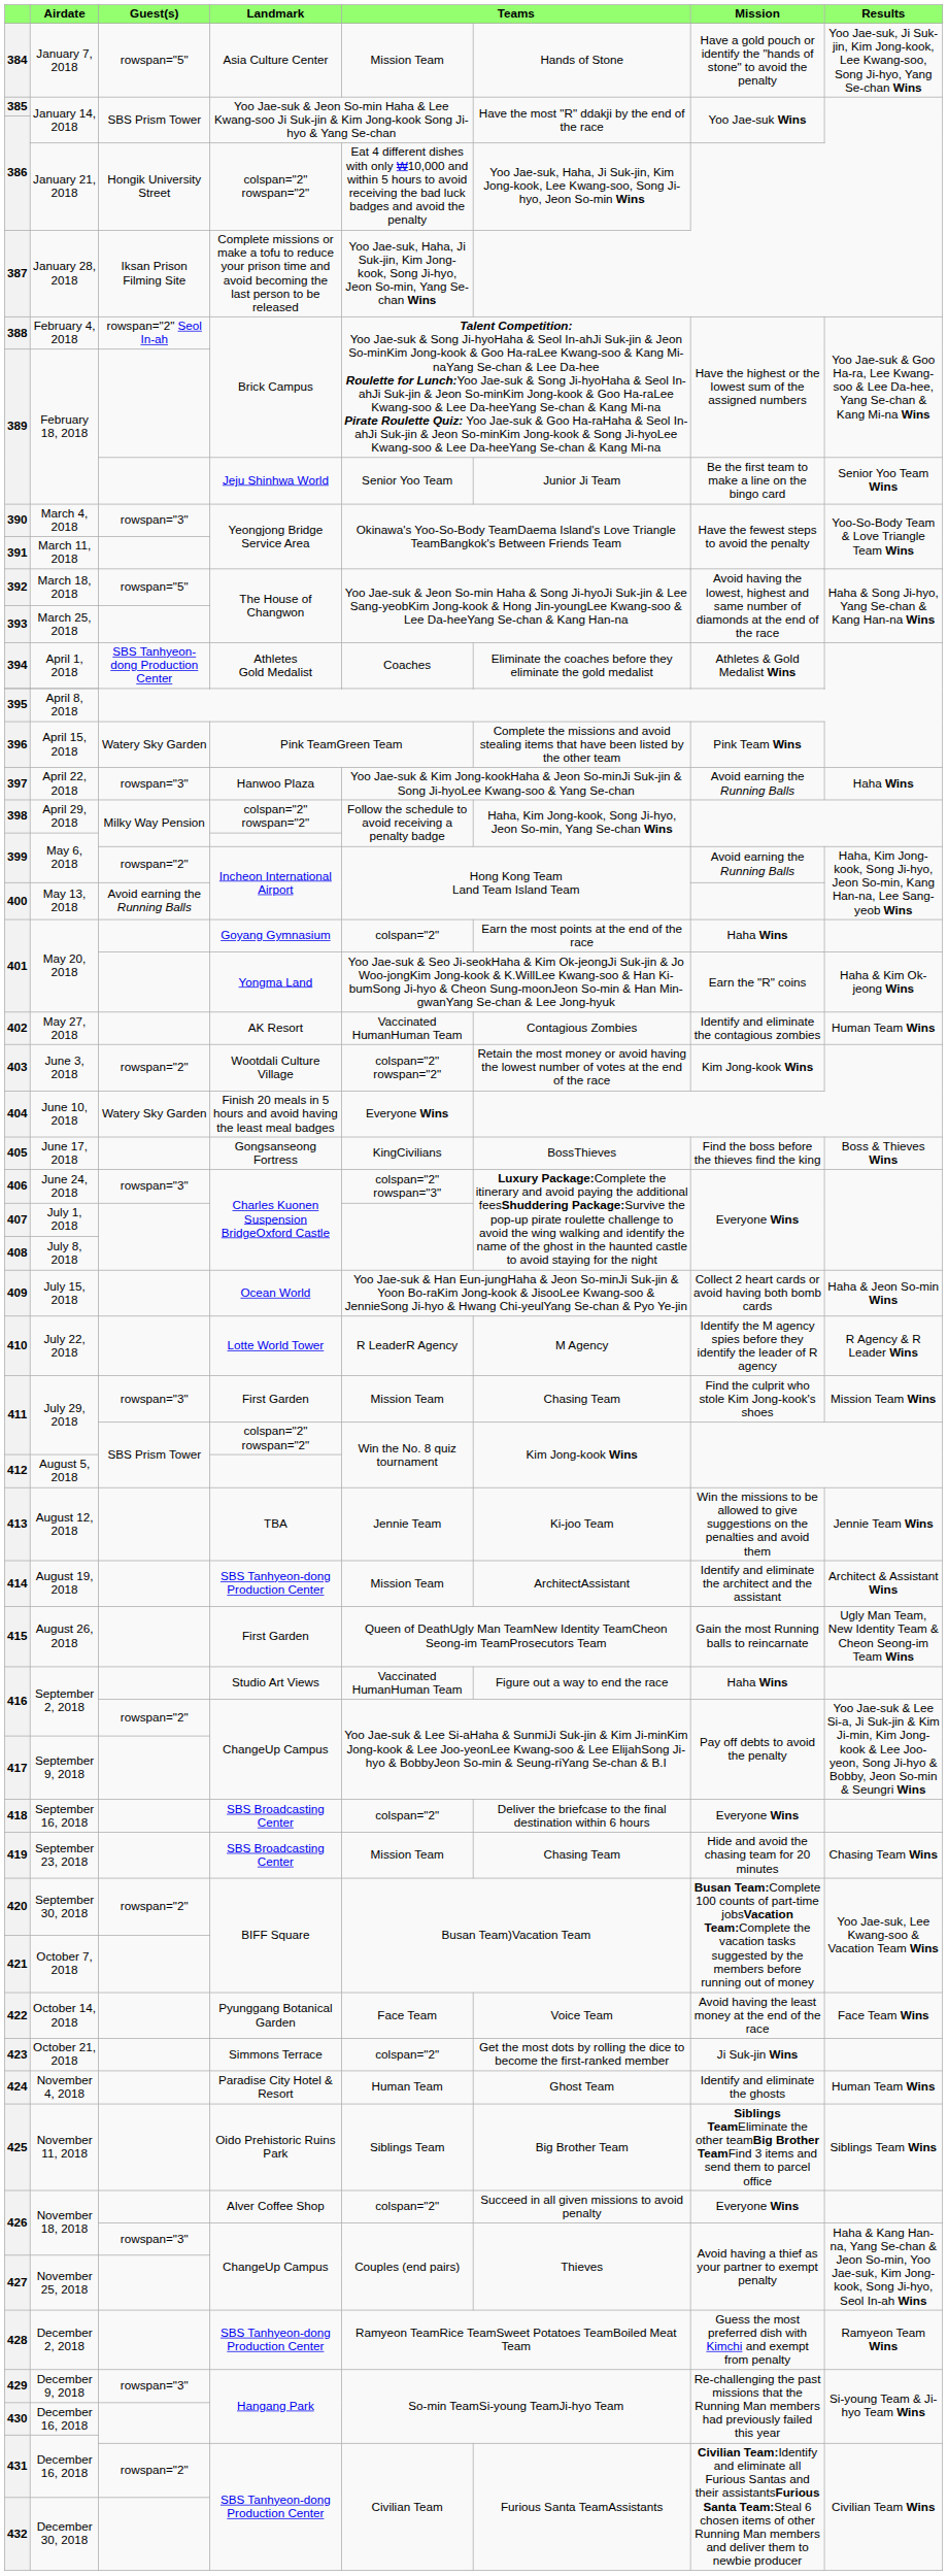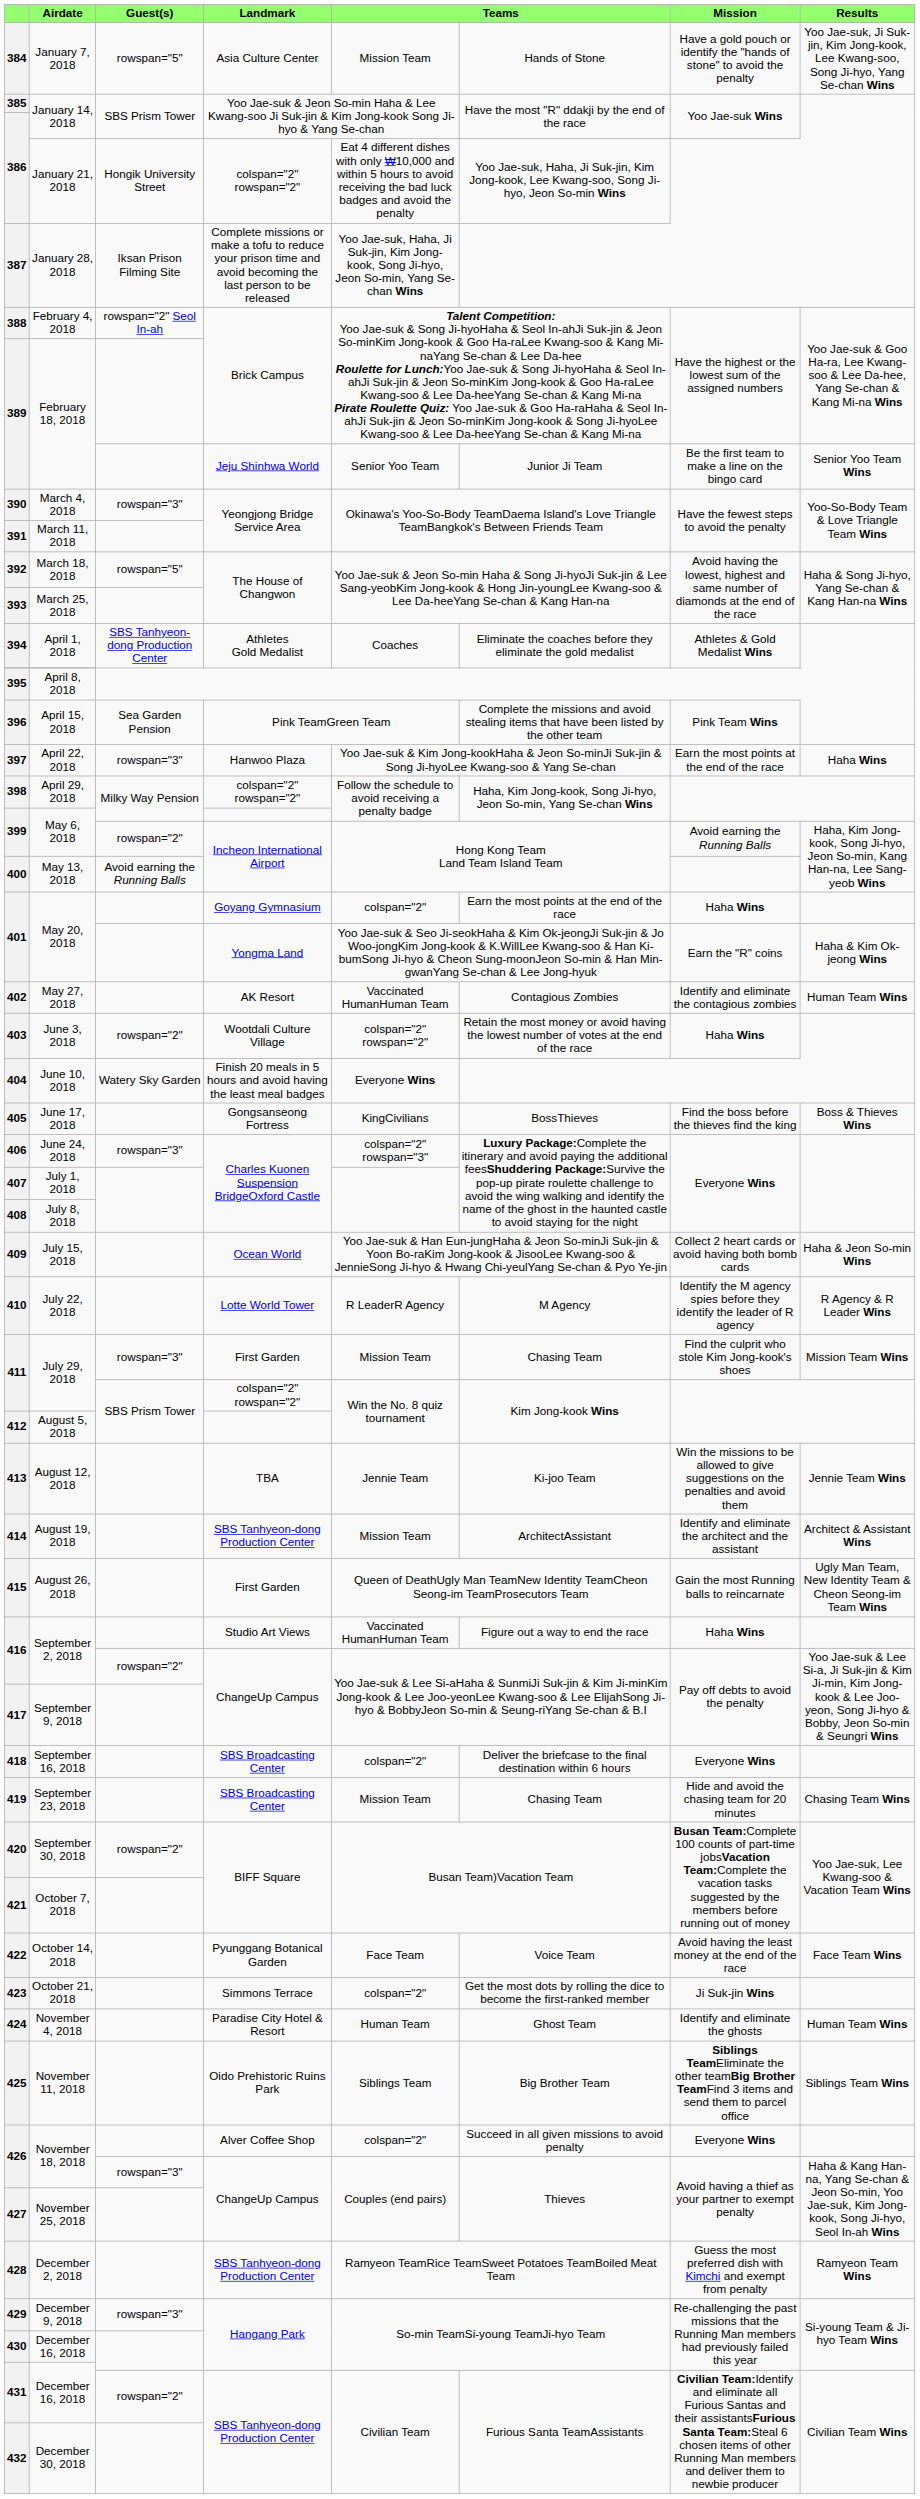 <table class="wikitable sortable" style="text-align:center">
 <tr>
 <th style="background-color:#94FF6F"></th>
 <th style="background-color:#94FF6F">Airdate<br></th>
 <th style="background-color:#94FF6F; width:140px" class="unsortable">Guest(s)</th>
 <th style="background-color:#94FF6F">Landmark</th>
 <th style="background-color:#94FF6F" colspan="2" class="unsortable">Teams</th>
 <th style="background-color:#94FF6F; width:170px" class="unsortable">Mission</th>
 <th style="background-color:#94FF6F; width:150px" class="unsortable">Results</th>
 </tr>
 <tr>
 <th>384</th>
 <td>January 7, 2018</td>
 <td>rowspan="5" </td>
 <td>Asia Culture Center</td>
 <td>Mission Team  </td>
 <td>Hands of Stone  </td>
 <td>Have a gold pouch or identify the "hands of stone" to avoid the penalty</td>
 <td>Yoo Jae-suk, Ji Suk-jin, Kim Jong-kook, Lee Kwang-soo, Song Ji-hyo, Yang Se-chan <strong>Wins</strong></td>
 </tr>
 <tr>
 <th>385</th>
 <td rowspan="2">January 14, 2018</td>
 <td rowspan="2">SBS Prism Tower</td>
 <td colspan="2" rowspan="2">Yoo Jae-suk & Jeon So-min  Haha & Lee Kwang-soo  Ji Suk-jin & Kim Jong-kook  Song Ji-hyo & Yang Se-chan</td>
 <td rowspan="2">Have the most "R" ddakji by the end of the race</td>
 <td rowspan="2">Yoo Jae-suk <strong>Wins</strong></td>
 </tr>
 <tr>
 <th rowspan="2">386</th>
 </tr>
 <tr>
 <td>January 21, 2018</td>
 <td>Hongik University Street</td>
 <td>colspan="2" rowspan="2" </td>
 <td>Eat 4 different dishes with only <a href='#'>₩</a>10,000 and within 5 hours to avoid receiving the bad luck badges and avoid the penalty</td>
 <td>Yoo Jae-suk, Haha, Ji Suk-jin, Kim Jong-kook, Lee Kwang-soo, Song Ji-hyo, Jeon So-min <strong>Wins</strong></td>
 </tr>
 <tr>
 <th>387</th>
 <td>January 28, 2018</td>
 <td>Iksan Prison Filming Site</td>
 <td>Complete missions or make a tofu to reduce your prison time and avoid becoming the last person to be released</td>
 <td>Yoo Jae-suk, Haha, Ji Suk-jin, Kim Jong-kook, Song Ji-hyo, Jeon So-min, Yang Se-chan <strong>Wins</strong></td>
 </tr>
 <tr>
 <th rowspan="1">388</th>
 <td rowspan="1">February 4, 2018</td>
 <td>rowspan="2" <a href='#'>Seol In-ah</a></td>
 <td rowspan="2">Brick Campus</td>
 <td colspan="2" rowspan="2"><strong><em>Talent Competition:</em></strong><br>Yoo Jae-suk & Song Ji-hyoHaha & Seol In-ahJi Suk-jin & Jeon So-minKim Jong-kook & Goo Ha-raLee Kwang-soo & Kang Mi-naYang Se-chan & Lee Da-hee<br><strong><em>Roulette for Lunch:</em></strong>Yoo Jae-suk & Song Ji-hyoHaha & Seol In-ahJi Suk-jin & Jeon So-minKim Jong-kook & Goo Ha-raLee Kwang-soo & Lee Da-heeYang Se-chan & Kang Mi-na<br><strong><em>Pirate Roulette Quiz:</em></strong> Yoo Jae-suk & Goo Ha-raHaha & Seol In-ahJi Suk-jin & Jeon So-minKim Jong-kook & Song Ji-hyoLee Kwang-soo & Lee Da-heeYang Se-chan & Kang Mi-na </td>
 <td rowspan="2">Have the highest or the lowest sum of the assigned numbers</td>
 <td rowspan="2">Yoo Jae-suk & Goo Ha-ra, Lee Kwang-soo & Lee Da-hee, Yang Se-chan & Kang Mi-na <strong>Wins</strong></td>
 </tr>
 <tr>
 <th rowspan="2">389</th>
 <td rowspan="2">February 18, 2018</td>
 </tr>
 <tr>
 <td></td>
 <td><a href='#'>Jeju Shinhwa World</a></td>
 <td>Senior Yoo Team</td>
 <td>Junior Ji Team</td>
 <td>Be the first team to make a line on the bingo card</td>
 <td>Senior Yoo Team <strong>Wins</strong></td>
 </tr>
 <tr>
 <th rowspan="1">390</th>
 <td rowspan="1">March 4, 2018</td>
 <td>rowspan="3" </td>
 <td rowspan="3">Yeongjong Bridge Service Area</td>
 <td colspan="2" rowspan="3">Okinawa's Yoo-So-Body TeamDaema Island's Love Triangle TeamBangkok's Between Friends Team</td>
 <td rowspan="3">Have the fewest steps to avoid the penalty</td>
 <td rowspan="3">Yoo-So-Body Team & Love Triangle Team <strong>Wins</strong></td>
 </tr>
 <tr>
 <th rowspan="1">391</th>
 <td rowspan="1">March 11, 2018</td>
 </tr>
 <tr>
 <th rowspan="2">392</th>
 <td rowspan="2">March 18, 2018</td>
 </tr>
 <tr>
 <td>rowspan="5" </td>
 <td rowspan="2">The House of Changwon</td>
 <td colspan="2" rowspan="2">Yoo Jae-suk & Jeon So-min Haha & Song Ji-hyoJi Suk-jin & Lee Sang-yeobKim Jong-kook & Hong Jin-youngLee Kwang-soo & Lee Da-heeYang Se-chan & Kang Han-na</td>
 <td rowspan="2">Avoid having the lowest, highest and same number of diamonds at the end of the race</td>
 <td rowspan="2">Haha & Song Ji-hyo, Yang Se-chan & Kang Han-na <strong>Wins</strong></td>
 </tr>
 <tr>
 <th rowspan="1">393</th>
 <td>March 25, 2018</td>
 </tr>
 <tr>
 <th>394</th>
 <td>April 1, 2018</td>
 <td rowspan="2"><a href='#'>SBS Tanhyeon-dong Production Center</a></td>
 <td rowspan="2">Athletes<br>Gold Medalist</td>
 <td rowspan="2">Coaches</td>
 <td rowspan="2">Eliminate the coaches before they eliminate the gold medalist</td>
 <td rowspan="2">Athletes & Gold Medalist <strong>Wins</strong></td>
 </tr>
 <tr>
 </tr>
 <tr>
 <th>395</th>
 <td>April 8, 2018</td>
 </tr>
 <tr>
 <th>396</th>
 <td>April 15, 2018</td>
-<td>Watery Sky Garden</td>
+<td>Sea Garden Pension</td>
 <td colspan="2">Pink TeamGreen Team</td>
 <td>Complete the missions and avoid stealing items that have been listed by the other team</td>
 <td>Pink Team <strong>Wins</strong></td>
 </tr>
 <tr>
 <th>397</th>
 <td>April 22, 2018</td>
 <td>rowspan="3" </td>
 <td>Hanwoo Plaza</td>
 <td colspan="2">Yoo Jae-suk & Kim Jong-kookHaha & Jeon So-minJi Suk-jin & Song Ji-hyoLee Kwang-soo & Yang Se-chan</td>
-<td>Avoid earning the <em>Running Balls</em></td>
+<td>Earn the most points at the end of the race</td>
 <td>Haha <strong>Wins</strong></td>
 </tr>
 <tr>
 <th>398</th>
 <td>April 29, 2018</td>
 <td rowspan="2">Milky Way Pension</td>
 <td>colspan="2" rowspan="2" </td>
 <td rowspan="2">Follow the schedule to avoid receiving a penalty badge</td>
 <td rowspan="2">Haha, Kim Jong-kook, Song Ji-hyo, Jeon So-min, Yang Se-chan <strong>Wins</strong></td>
 </tr>
 <tr>
 <th rowspan="2">399</th>
 <td rowspan="2">May 6, 2018</td>
 </tr>
 <tr>
 <td>rowspan="2" </td>
 <td rowspan="2"><a href='#'>Incheon International Airport</a></td>
 <td colspan="2" rowspan="2">Hong Kong Team<br>Land Team Island Team</td>
 <td>Avoid earning the <em>Running Balls</em></td>
 <td rowspan="2">Haha, Kim Jong-kook, Song Ji-hyo, Jeon So-min, Kang Han-na, Lee Sang-yeob <strong>Wins</strong></td>
 </tr>
 <tr>
 <th>400</th>
 <td>May 13, 2018</td>
 <td>Avoid earning the <em>Running Balls</em></td>
 </tr>
 <tr>
 <th rowspan="2">401</th>
 <td rowspan="2">May 20, 2018</td>
 <td></td>
 <td><a href='#'>Goyang Gymnasium</a></td>
 <td>colspan="2" </td>
 <td>Earn the most points at the end of the race</td>
 <td>Haha <strong>Wins</strong></td>
 </tr>
 <tr>
 <td></td>
 <td><a href='#'>Yongma Land</a></td>
 <td colspan="2">Yoo Jae-suk & Seo Ji-seokHaha & Kim Ok-jeongJi Suk-jin & Jo Woo-jongKim Jong-kook & K.WillLee Kwang-soo & Han Ki-bumSong Ji-hyo & Cheon Sung-moonJeon So-min & Han Min-gwanYang Se-chan & Lee Jong-hyuk</td>
 <td>Earn the "R" coins</td>
 <td>Haha & Kim Ok-jeong <strong>Wins</strong></td>
 </tr>
 <tr>
 <th>402</th>
 <td>May 27, 2018</td>
 <td></td>
 <td>AK Resort</td>
 <td>Vaccinated HumanHuman Team</td>
 <td>Contagious Zombies</td>
 <td>Identify and eliminate the contagious zombies</td>
 <td>Human Team <strong>Wins</strong></td>
 </tr>
 <tr>
 <th>403</th>
 <td>June 3, 2018</td>
 <td>rowspan="2" </td>
 <td>Wootdali Culture Village</td>
 <td>colspan="2" rowspan="2" </td>
 <td>Retain the most money or avoid having the lowest number of votes at the end of the race</td>
-<td>Kim Jong-kook <strong>Wins</strong></td>
+<td>Haha <strong>Wins</strong></td>
 </tr>
 <tr>
 <th>404</th>
 <td>June 10, 2018</td>
 <td>Watery Sky Garden</td>
 <td>Finish 20 meals in 5 hours and avoid having the least meal badges</td>
 <td>Everyone <strong>Wins</strong></td>
 </tr>
 <tr>
 <th>405</th>
 <td>June 17, 2018</td>
 <td></td>
 <td>Gongsanseong Fortress</td>
 <td>KingCivilians</td>
 <td>BossThieves</td>
 <td>Find the boss before the thieves find the king</td>
 <td>Boss & Thieves <strong>Wins</strong></td>
 </tr>
 <tr>
 <th>406</th>
 <td>June 24, 2018</td>
 <td>rowspan="3" </td>
 <td rowspan="3"><a href='#'>Charles Kuonen Suspension Bridge</a><a href='#'>Oxford Castle</a></td>
 <td>colspan="2" rowspan="3" </td>
 <td rowspan="3"><strong>Luxury Package:</strong>Complete the itinerary and avoid paying the additional fees<strong>Shuddering Package:</strong>Survive the pop-up pirate roulette challenge to avoid the wing walking and identify the name of the ghost in the haunted castle to avoid staying for the night</td>
 <td rowspan="3">Everyone <strong>Wins</strong></td>
 </tr>
 <tr>
 <th>407</th>
 <td>July 1, 2018</td>
 </tr>
 <tr>
 <th>408</th>
 <td>July 8, 2018</td>
 </tr>
 <tr>
 <th>409</th>
 <td>July 15, 2018</td>
 <td></td>
 <td><a href='#'>Ocean World</a></td>
 <td colspan="2">Yoo Jae-suk & Han Eun-jungHaha & Jeon So-minJi Suk-jin & Yoon Bo-raKim Jong-kook & JisooLee Kwang-soo & JennieSong Ji-hyo & Hwang Chi-yeulYang Se-chan & Pyo Ye-jin</td>
 <td>Collect 2 heart cards or avoid having both bomb cards</td>
 <td>Haha & Jeon So-min <strong>Wins</strong></td>
 </tr>
 <tr>
 <th>410</th>
 <td>July 22, 2018</td>
 <td></td>
 <td><a href='#'>Lotte World Tower</a></td>
 <td>R LeaderR Agency</td>
 <td>M Agency</td>
 <td>Identify the M agency spies before they identify the leader of R agency</td>
 <td>R Agency & R Leader <strong>Wins</strong></td>
 </tr>
 <tr>
 <th rowspan="2">411</th>
 <td rowspan="2">July 29, 2018</td>
 <td>rowspan="3" </td>
 <td>First Garden</td>
 <td>Mission Team</td>
 <td>Chasing Team</td>
 <td>Find the culprit who stole Kim Jong-kook's shoes</td>
 <td>Mission Team <strong>Wins</strong></td>
 </tr>
 <tr>
 <td rowspan="2">SBS Prism Tower</td>
 <td>colspan="2" rowspan="2" </td>
 <td rowspan="2">Win the No. 8 quiz tournament</td>
 <td rowspan="2">Kim Jong-kook <strong>Wins</strong></td>
 </tr>
 <tr>
 <th>412</th>
 <td>August 5, 2018</td>
 </tr>
 <tr>
 <th>413</th>
 <td>August 12, 2018</td>
 <td></td>
 <td>TBA</td>
 <td>Jennie Team</td>
 <td>Ki-joo Team</td>
 <td>Win the missions to be allowed to give suggestions on the penalties and avoid them</td>
 <td>Jennie Team <strong>Wins</strong></td>
 </tr>
 <tr>
 <th>414</th>
 <td>August 19, 2018</td>
 <td></td>
 <td><a href='#'>SBS Tanhyeon-dong Production Center</a></td>
 <td>Mission Team</td>
 <td>ArchitectAssistant</td>
 <td>Identify and eliminate the architect and the assistant</td>
 <td>Architect & Assistant <strong>Wins</strong></td>
 </tr>
 <tr>
 <th>415</th>
 <td>August 26, 2018</td>
 <td></td>
 <td>First Garden</td>
 <td colspan="2">Queen of DeathUgly Man TeamNew Identity TeamCheon Seong-im TeamProsecutors Team</td>
 <td>Gain the most Running balls to reincarnate</td>
 <td>Ugly Man Team, New Identity Team & Cheon Seong-im Team <strong>Wins</strong></td>
 </tr>
 <tr>
 <th rowspan="2">416</th>
 <td rowspan="2">September 2, 2018</td>
 <td></td>
 <td>Studio Art Views</td>
 <td>Vaccinated HumanHuman Team</td>
 <td>Figure out a way to end the race</td>
 <td>Haha <strong>Wins</strong></td>
 </tr>
 <tr>
 <td>rowspan="2" </td>
 <td rowspan="2">ChangeUp Campus</td>
 <td colspan="2" rowspan="2">Yoo Jae-suk & Lee Si-aHaha & SunmiJi Suk-jin & Kim Ji-minKim Jong-kook & Lee Joo-yeonLee Kwang-soo & Lee ElijahSong Ji-hyo & BobbyJeon So-min & Seung-riYang Se-chan & B.I</td>
 <td rowspan="2">Pay off debts to avoid the penalty</td>
 <td rowspan="2">Yoo Jae-suk & Lee Si-a, Ji Suk-jin & Kim Ji-min, Kim Jong-kook & Lee Joo-yeon, Song Ji-hyo & Bobby, Jeon So-min & Seungri <strong>Wins</strong></td>
 </tr>
 <tr>
 <th>417</th>
 <td>September 9, 2018</td>
 </tr>
 <tr>
 <th>418</th>
 <td>September 16, 2018</td>
 <td></td>
 <td rowspan="1"><a href='#'>SBS Broadcasting Center</a></td>
 <td>colspan="2" </td>
 <td>Deliver the briefcase to the final destination within 6 hours</td>
 <td>Everyone <strong>Wins</strong></td>
 </tr>
 <tr>
 <th>419</th>
 <td>September 23, 2018</td>
 <td></td>
 <td rowspan="1"><a href='#'>SBS Broadcasting Center</a></td>
 <td>Mission Team</td>
 <td>Chasing Team</td>
 <td>Hide and avoid the chasing team for 20 minutes</td>
 <td>Chasing Team <strong>Wins</strong></td>
 </tr>
 <tr>
 <th>420</th>
 <td>September 30, 2018</td>
 <td>rowspan="2" </td>
 <td rowspan="2">BIFF Square</td>
 <td colspan="2" rowspan="2">Busan Team)Vacation Team</td>
 <td rowspan="2"><strong>Busan Team:</strong>Complete 100 counts of part-time jobs<strong>Vacation Team:</strong>Complete the vacation tasks suggested by the members before running out of money</td>
 <td rowspan="2">Yoo Jae-suk, Lee Kwang-soo & Vacation Team <strong>Wins</strong></td>
 </tr>
 <tr>
 <th>421</th>
 <td>October 7, 2018</td>
 </tr>
 <tr>
 <th>422</th>
 <td>October 14, 2018</td>
 <td></td>
 <td>Pyunggang Botanical Garden</td>
 <td>Face Team</td>
 <td>Voice Team</td>
 <td>Avoid having the least money at the end of the race</td>
 <td>Face Team <strong>Wins</strong></td>
 </tr>
 <tr>
 <th>423</th>
 <td>October 21, 2018</td>
 <td></td>
 <td>Simmons Terrace</td>
 <td>colspan="2" </td>
 <td>Get the most dots by rolling the dice to become the first-ranked member</td>
 <td>Ji Suk-jin <strong>Wins</strong></td>
 </tr>
 <tr>
 <th>424</th>
 <td>November 4, 2018</td>
 <td></td>
 <td>Paradise City Hotel & Resort</td>
 <td>Human Team</td>
 <td>Ghost Team</td>
 <td>Identify and eliminate the ghosts</td>
 <td>Human Team <strong>Wins</strong></td>
 </tr>
 <tr>
 <th>425</th>
 <td>November 11, 2018</td>
 <td></td>
 <td>Oido Prehistoric Ruins Park</td>
 <td>Siblings Team</td>
 <td>Big Brother Team</td>
 <td><strong>Siblings Team</strong>Eliminate the other team<strong>Big Brother Team</strong>Find 3 items and send them to parcel office</td>
 <td>Siblings Team <strong>Wins</strong></td>
 </tr>
 <tr>
 <th rowspan="2">426</th>
 <td rowspan="2">November 18, 2018</td>
 <td></td>
 <td>Alver Coffee Shop</td>
 <td>colspan="2" </td>
 <td>Succeed in all given missions to avoid penalty</td>
 <td>Everyone <strong>Wins</strong></td>
 </tr>
 <tr>
 <td>rowspan="3" </td>
 <td rowspan="2">ChangeUp Campus</td>
 <td rowspan="2">Couples (end pairs)</td>
 <td rowspan="2">Thieves</td>
 <td rowspan="2">Avoid having a thief as your partner to exempt penalty</td>
 <td rowspan="2">Haha & Kang Han-na, Yang Se-chan & Jeon So-min, Yoo Jae-suk, Kim Jong-kook, Song Ji-hyo, Seol In-ah <strong>Wins</strong></td>
 </tr>
 <tr>
 <th>427</th>
 <td>November 25, 2018</td>
 </tr>
 <tr>
 <th>428</th>
 <td>December 2, 2018</td>
 <td></td>
 <td><a href='#'>SBS Tanhyeon-dong Production Center</a></td>
 <td colspan="2">Ramyeon TeamRice TeamSweet Potatoes TeamBoiled Meat Team</td>
 <td>Guess the most preferred dish with <a href='#'>Kimchi</a> and exempt from penalty</td>
 <td>Ramyeon Team <strong>Wins</strong></td>
 </tr>
 <tr>
 <th>429</th>
 <td>December 9, 2018</td>
 <td>rowspan="3" </td>
 <td rowspan="3"><a href='#'>Hangang Park</a></td>
 <td colspan="2" rowspan="3">So-min TeamSi-young TeamJi-hyo Team</td>
 <td rowspan="3">Re-challenging the past missions that the Running Man members had previously failed this year</td>
 <td rowspan="3">Si-young Team & Ji-hyo Team <strong>Wins</strong></td>
 </tr>
 <tr>
 <th>430</th>
 <td rowspan="1">December 16, 2018</td>
 </tr>
 <tr>
 <th rowspan="2">431<br></th>
 <td rowspan="2">December 16, 2018</td>
 </tr>
 <tr>
 <td>rowspan="2" </td>
 <td rowspan="2"><a href='#'>SBS Tanhyeon-dong Production Center</a></td>
 <td rowspan="2">Civilian Team</td>
 <td rowspan="2">Furious Santa TeamAssistants</td>
 <td rowspan="2"><strong>Civilian Team:</strong>Identify and eliminate all Furious Santas and their assistants<strong>Furious Santa Team:</strong>Steal 6 chosen items of other Running Man members and deliver them to newbie producer</td>
 <td rowspan="2">Civilian Team <strong>Wins</strong></td>
 </tr>
 <tr>
 <th>432</th>
 <td>December 30, 2018</td>
 </tr>
 </table>
